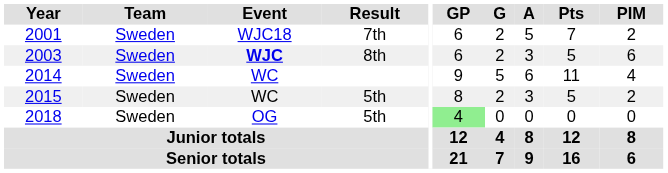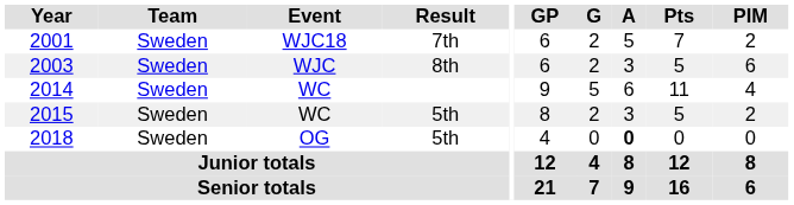 <table border="0" cellpadding="1" cellspacing="0" ID="Table3" style="text-align:center; width:40em">
 <tr ALIGN="center" bgcolor="#e0e0e0">
 <th>Year</th>
 <th>Team</th>
 <th>Event</th>
 <th>Result</th>
 <th rowspan="99" bgcolor="#ffffff"></th>
 <th>GP</th>
 <th>G</th>
 <th>A</th>
 <th>Pts</th>
 <th>PIM</th>
 </tr>
 <tr>
 <td><a href='#'>2001</a></td>
 <td><a href='#'>Sweden</a></td>
 <td><a href='#'>WJC18</a></td>
 <td>7th</td>
 <td>6</td>
 <td>2</td>
 <td>5</td>
 <td>7</td>
 <td>2</td>
 </tr>
 <tr bgcolor="#f0f0f0">
 <td><a href='#'>2003</a></td>
 <td><a href='#'>Sweden</a></td>
-<td><strong><a href='#'>WJC</a></strong></td>
+<td><a href='#'>WJC</a></td>
 <td>8th</td>
 <td>6</td>
 <td>2</td>
 <td>3</td>
 <td>5</td>
 <td>6</td>
 </tr>
 <tr>
 <td><a href='#'>2014</a></td>
 <td><a href='#'>Sweden</a></td>
 <td><a href='#'>WC</a></td>
 <td></td>
 <td>9</td>
 <td>5</td>
 <td>6</td>
 <td>11</td>
 <td>4</td>
 </tr>
 <tr bgcolor="#f0f0f0">
 <td><a href='#'>2015</a></td>
 <td>Sweden</td>
 <td>WC</td>
 <td>5th</td>
 <td>8</td>
 <td>2</td>
 <td>3</td>
 <td>5</td>
 <td>2</td>
 </tr>
 <tr>
 <td><a href='#'>2018</a></td>
 <td>Sweden</td>
 <td><a href='#'>OG</a></td>
 <td>5th</td>
-<td style="background: lightgreen;">4</td>
+<td>4</td>
 <td>0</td>
-<td>0</td>
+<td><strong>0</strong></td>
 <td>0</td>
 <td>0</td>
 </tr>
 <tr bgcolor="#e0e0e0">
 <th colspan="4">Junior totals</th>
 <th>12</th>
 <th>4</th>
 <th>8</th>
 <th>12</th>
 <th>8</th>
 </tr>
 <tr bgcolor="#e0e0e0">
 <th colspan="4">Senior totals</th>
 <th>21</th>
 <th>7</th>
 <th>9</th>
 <th>16</th>
 <th>6</th>
 </tr>
 </table>
